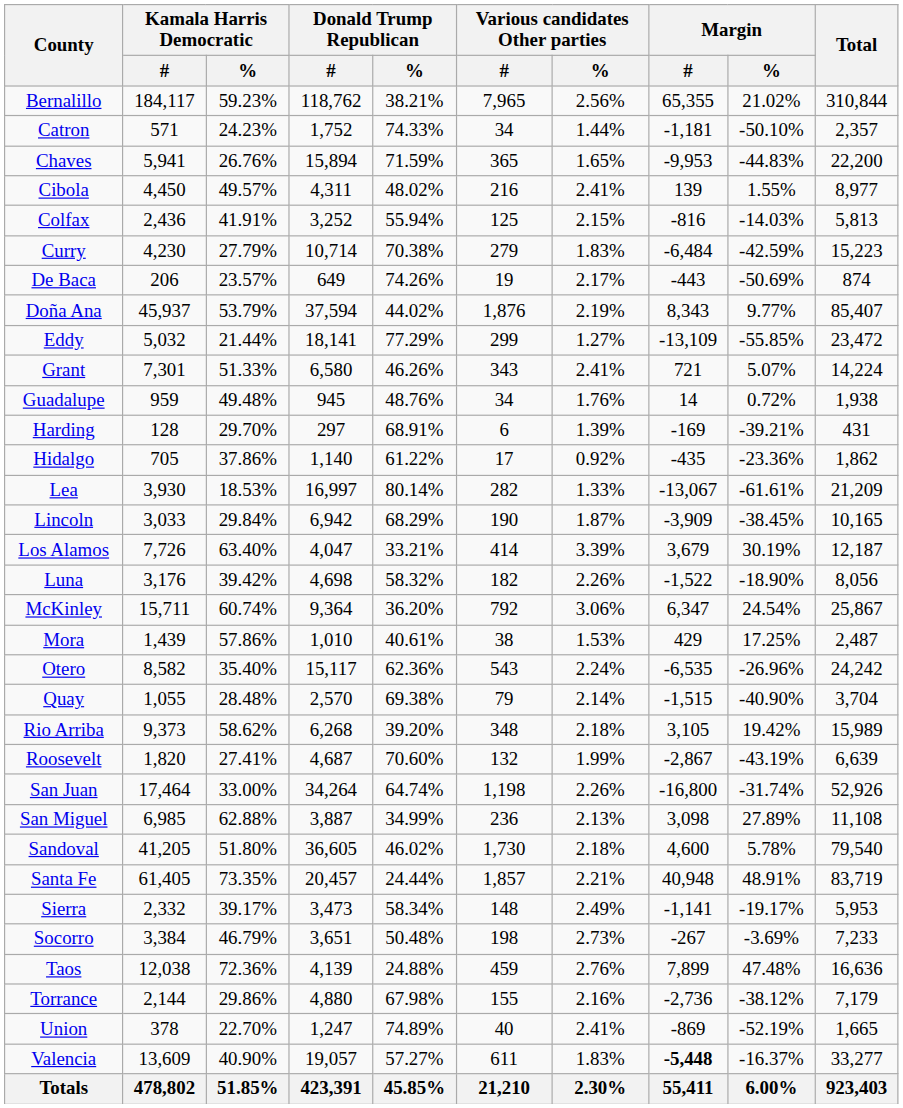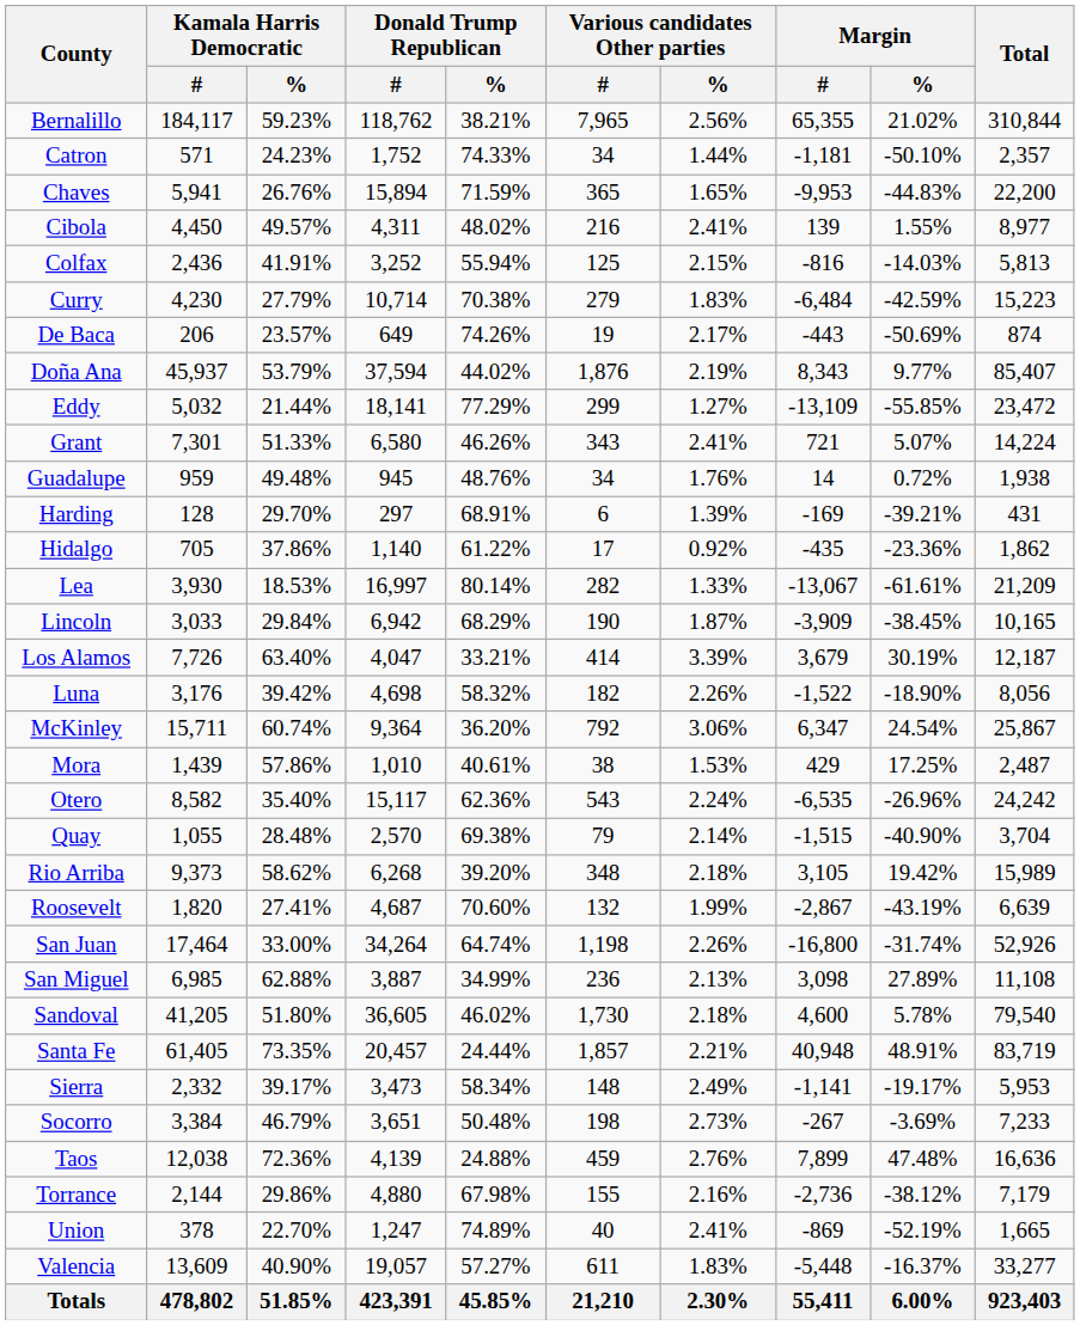 <table width="60%"  class="wikitable sortable" style="text-align:center">
 <tr>
 <th style="text-align:center;" rowspan="2">County</th>
 <th style="text-align:center;" colspan="2">Kamala Harris<br>Democratic</th>
 <th style="text-align:center;" colspan="2">Donald Trump<br>Republican</th>
 <th style="text-align:center;" colspan="2">Various candidates<br>Other parties</th>
 <th style="text-align:center;" colspan="2">Margin</th>
 <th style="text-align:center;" rowspan="2">Total</th>
 </tr>
 <tr>
 <th style="text-align:center;" data-sort-type="number">#</th>
 <th style="text-align:center;" data-sort-type="number">%</th>
 <th style="text-align:center;" data-sort-type="number">#</th>
 <th style="text-align:center;" data-sort-type="number">%</th>
 <th style="text-align:center;" data-sort-type="number">#</th>
 <th style="text-align:center;" data-sort-type="number">%</th>
 <th style="text-align:center;" data-sort-type="number">#</th>
 <th style="text-align:center;" data-sort-type="number">%</th>
 </tr>
 <tr style="text-align:center;">
 <td><a href='#'>Bernalillo</a></td>
 <td>184,117</td>
 <td>59.23%</td>
 <td>118,762</td>
 <td>38.21%</td>
 <td>7,965</td>
 <td>2.56%</td>
 <td>65,355</td>
 <td>21.02%</td>
 <td>310,844</td>
 </tr>
 <tr style="text-align:center;">
 <td><a href='#'>Catron</a></td>
 <td>571</td>
 <td>24.23%</td>
 <td>1,752</td>
 <td>74.33%</td>
 <td>34</td>
 <td>1.44%</td>
 <td>-1,181</td>
 <td>-50.10%</td>
 <td>2,357</td>
 </tr>
 <tr style="text-align:center;">
 <td><a href='#'>Chaves</a></td>
 <td>5,941</td>
 <td>26.76%</td>
 <td>15,894</td>
 <td>71.59%</td>
 <td>365</td>
 <td>1.65%</td>
 <td>-9,953</td>
 <td>-44.83%</td>
 <td>22,200</td>
 </tr>
 <tr style="text-align:center;">
 <td><a href='#'>Cibola</a></td>
 <td>4,450</td>
 <td>49.57%</td>
 <td>4,311</td>
 <td>48.02%</td>
 <td>216</td>
 <td>2.41%</td>
 <td>139</td>
 <td>1.55%</td>
 <td>8,977</td>
 </tr>
 <tr style="text-align:center;">
 <td><a href='#'>Colfax</a></td>
 <td>2,436</td>
 <td>41.91%</td>
 <td>3,252</td>
 <td>55.94%</td>
 <td>125</td>
 <td>2.15%</td>
 <td>-816</td>
 <td>-14.03%</td>
 <td>5,813</td>
 </tr>
 <tr style="text-align:center;">
 <td><a href='#'>Curry</a></td>
 <td>4,230</td>
 <td>27.79%</td>
 <td>10,714</td>
 <td>70.38%</td>
 <td>279</td>
 <td>1.83%</td>
 <td>-6,484</td>
 <td>-42.59%</td>
 <td>15,223</td>
 </tr>
 <tr style="text-align:center;">
 <td><a href='#'>De Baca</a></td>
 <td>206</td>
 <td>23.57%</td>
 <td>649</td>
 <td>74.26%</td>
 <td>19</td>
 <td>2.17%</td>
 <td>-443</td>
 <td>-50.69%</td>
 <td>874</td>
 </tr>
 <tr style="text-align:center;">
 <td><a href='#'>Doña Ana</a></td>
 <td>45,937</td>
 <td>53.79%</td>
 <td>37,594</td>
 <td>44.02%</td>
 <td>1,876</td>
 <td>2.19%</td>
 <td>8,343</td>
 <td>9.77%</td>
 <td>85,407</td>
 </tr>
 <tr style="text-align:center;">
 <td><a href='#'>Eddy</a></td>
 <td>5,032</td>
 <td>21.44%</td>
 <td>18,141</td>
 <td>77.29%</td>
 <td>299</td>
 <td>1.27%</td>
 <td>-13,109</td>
 <td>-55.85%</td>
 <td>23,472</td>
 </tr>
 <tr style="text-align:center;">
 <td><a href='#'>Grant</a></td>
 <td>7,301</td>
 <td>51.33%</td>
 <td>6,580</td>
 <td>46.26%</td>
 <td>343</td>
 <td>2.41%</td>
 <td>721</td>
 <td>5.07%</td>
 <td>14,224</td>
 </tr>
 <tr style="text-align:center;">
 <td><a href='#'>Guadalupe</a></td>
 <td>959</td>
 <td>49.48%</td>
 <td>945</td>
 <td>48.76%</td>
 <td>34</td>
 <td>1.76%</td>
 <td>14</td>
 <td>0.72%</td>
 <td>1,938</td>
 </tr>
 <tr style="text-align:center;">
 <td><a href='#'>Harding</a></td>
 <td>128</td>
 <td>29.70%</td>
 <td>297</td>
 <td>68.91%</td>
 <td>6</td>
 <td>1.39%</td>
 <td>-169</td>
 <td>-39.21%</td>
 <td>431</td>
 </tr>
 <tr style="text-align:center;">
 <td><a href='#'>Hidalgo</a></td>
 <td>705</td>
 <td>37.86%</td>
 <td>1,140</td>
 <td>61.22%</td>
 <td>17</td>
 <td>0.92%</td>
 <td>-435</td>
 <td>-23.36%</td>
 <td>1,862</td>
 </tr>
 <tr style="text-align:center;">
 <td><a href='#'>Lea</a></td>
 <td>3,930</td>
 <td>18.53%</td>
 <td>16,997</td>
 <td>80.14%</td>
 <td>282</td>
 <td>1.33%</td>
 <td>-13,067</td>
 <td>-61.61%</td>
 <td>21,209</td>
 </tr>
 <tr style="text-align:center;">
 <td><a href='#'>Lincoln</a></td>
 <td>3,033</td>
 <td>29.84%</td>
 <td>6,942</td>
 <td>68.29%</td>
 <td>190</td>
 <td>1.87%</td>
 <td>-3,909</td>
 <td>-38.45%</td>
 <td>10,165</td>
 </tr>
 <tr style="text-align:center;">
 <td><a href='#'>Los Alamos</a></td>
 <td>7,726</td>
 <td>63.40%</td>
 <td>4,047</td>
 <td>33.21%</td>
 <td>414</td>
 <td>3.39%</td>
 <td>3,679</td>
 <td>30.19%</td>
 <td>12,187</td>
 </tr>
 <tr style="text-align:center;">
 <td><a href='#'>Luna</a></td>
 <td>3,176</td>
 <td>39.42%</td>
 <td>4,698</td>
 <td>58.32%</td>
 <td>182</td>
 <td>2.26%</td>
 <td>-1,522</td>
 <td>-18.90%</td>
 <td>8,056</td>
 </tr>
 <tr style="text-align:center;">
 <td><a href='#'>McKinley</a></td>
 <td>15,711</td>
 <td>60.74%</td>
 <td>9,364</td>
 <td>36.20%</td>
 <td>792</td>
 <td>3.06%</td>
 <td>6,347</td>
 <td>24.54%</td>
 <td>25,867</td>
 </tr>
 <tr style="text-align:center;">
 <td><a href='#'>Mora</a></td>
 <td>1,439</td>
 <td>57.86%</td>
 <td>1,010</td>
 <td>40.61%</td>
 <td>38</td>
 <td>1.53%</td>
 <td>429</td>
 <td>17.25%</td>
 <td>2,487</td>
 </tr>
 <tr style="text-align:center;">
 <td><a href='#'>Otero</a></td>
 <td>8,582</td>
 <td>35.40%</td>
 <td>15,117</td>
 <td>62.36%</td>
 <td>543</td>
 <td>2.24%</td>
 <td>-6,535</td>
 <td>-26.96%</td>
 <td>24,242</td>
 </tr>
 <tr style="text-align:center;">
 <td><a href='#'>Quay</a></td>
 <td>1,055</td>
 <td>28.48%</td>
 <td>2,570</td>
 <td>69.38%</td>
 <td>79</td>
 <td>2.14%</td>
 <td>-1,515</td>
 <td>-40.90%</td>
 <td>3,704</td>
 </tr>
 <tr style="text-align:center;">
 <td><a href='#'>Rio Arriba</a></td>
 <td>9,373</td>
 <td>58.62%</td>
 <td>6,268</td>
 <td>39.20%</td>
 <td>348</td>
 <td>2.18%</td>
 <td>3,105</td>
 <td>19.42%</td>
 <td>15,989</td>
 </tr>
 <tr style="text-align:center;">
 <td><a href='#'>Roosevelt</a></td>
 <td>1,820</td>
 <td>27.41%</td>
 <td>4,687</td>
 <td>70.60%</td>
 <td>132</td>
 <td>1.99%</td>
 <td>-2,867</td>
 <td>-43.19%</td>
 <td>6,639</td>
 </tr>
 <tr style="text-align:center;">
 <td><a href='#'>San Juan</a></td>
 <td>17,464</td>
 <td>33.00%</td>
 <td>34,264</td>
 <td>64.74%</td>
 <td>1,198</td>
 <td>2.26%</td>
 <td>-16,800</td>
 <td>-31.74%</td>
 <td>52,926</td>
 </tr>
 <tr style="text-align:center;">
 <td><a href='#'>San Miguel</a></td>
 <td>6,985</td>
 <td>62.88%</td>
 <td>3,887</td>
 <td>34.99%</td>
 <td>236</td>
 <td>2.13%</td>
 <td>3,098</td>
 <td>27.89%</td>
 <td>11,108</td>
 </tr>
 <tr style="text-align:center;">
 <td><a href='#'>Sandoval</a></td>
 <td>41,205</td>
 <td>51.80%</td>
 <td>36,605</td>
 <td>46.02%</td>
 <td>1,730</td>
 <td>2.18%</td>
 <td>4,600</td>
 <td>5.78%</td>
 <td>79,540</td>
 </tr>
 <tr style="text-align:center;">
 <td><a href='#'>Santa Fe</a></td>
 <td>61,405</td>
 <td>73.35%</td>
 <td>20,457</td>
 <td>24.44%</td>
 <td>1,857</td>
 <td>2.21%</td>
 <td>40,948</td>
 <td>48.91%</td>
 <td>83,719</td>
 </tr>
 <tr style="text-align:center;">
 <td><a href='#'>Sierra</a></td>
 <td>2,332</td>
 <td>39.17%</td>
 <td>3,473</td>
 <td>58.34%</td>
 <td>148</td>
 <td>2.49%</td>
 <td>-1,141</td>
 <td>-19.17%</td>
 <td>5,953</td>
 </tr>
 <tr style="text-align:center;">
 <td><a href='#'>Socorro</a></td>
 <td>3,384</td>
 <td>46.79%</td>
 <td>3,651</td>
 <td>50.48%</td>
 <td>198</td>
 <td>2.73%</td>
 <td>-267</td>
 <td>-3.69%</td>
 <td>7,233</td>
 </tr>
 <tr style="text-align:center;">
 <td><a href='#'>Taos</a></td>
 <td>12,038</td>
 <td>72.36%</td>
 <td>4,139</td>
 <td>24.88%</td>
 <td>459</td>
 <td>2.76%</td>
 <td>7,899</td>
 <td>47.48%</td>
 <td>16,636</td>
 </tr>
 <tr style="text-align:center;">
 <td><a href='#'>Torrance</a></td>
 <td>2,144</td>
 <td>29.86%</td>
 <td>4,880</td>
 <td>67.98%</td>
 <td>155</td>
 <td>2.16%</td>
 <td>-2,736</td>
 <td>-38.12%</td>
 <td>7,179</td>
 </tr>
 <tr style="text-align:center;">
 <td><a href='#'>Union</a></td>
 <td>378</td>
 <td>22.70%</td>
 <td>1,247</td>
 <td>74.89%</td>
 <td>40</td>
 <td>2.41%</td>
 <td>-869</td>
 <td>-52.19%</td>
 <td>1,665</td>
 </tr>
 <tr style="text-align:center;">
 <td><a href='#'>Valencia</a></td>
 <td>13,609</td>
 <td>40.90%</td>
 <td>19,057</td>
 <td>57.27%</td>
 <td>611</td>
 <td>1.83%</td>
-<td><strong>-5,448</strong></td>
+<td>-5,448</td>
 <td>-16.37%</td>
 <td>33,277</td>
 </tr>
 <tr>
 <th>Totals</th>
 <th>478,802</th>
 <th>51.85%</th>
 <th>423,391</th>
 <th>45.85%</th>
 <th>21,210</th>
 <th>2.30%</th>
 <th>55,411</th>
 <th>6.00%</th>
 <th>923,403</th>
 </tr>
 </table>
